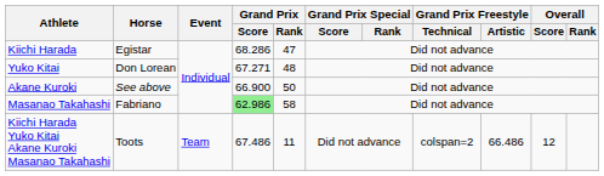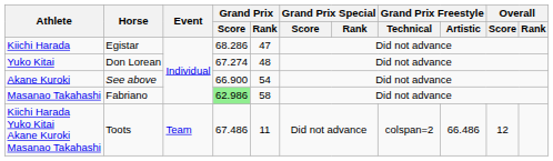 <table class=wikitable style="font-size:90%">
 <tr>
 <th rowspan="2">Athlete</th>
 <th rowspan="2">Horse</th>
 <th rowspan="2">Event</th>
 <th colspan="2">Grand Prix</th>
 <th colspan="2">Grand Prix Special</th>
 <th colspan="2">Grand Prix Freestyle</th>
 <th colspan="2">Overall</th>
 </tr>
 <tr style="font-size:95%">
 <th>Score</th>
 <th>Rank</th>
 <th>Score</th>
 <th>Rank</th>
 <th>Technical</th>
 <th>Artistic</th>
 <th>Score</th>
 <th>Rank</th>
 </tr>
 <tr align=center>
 <td align=left><a href='#'>Kiichi Harada</a></td>
 <td align=left>Egistar</td>
 <td rowspan=4 align=left><a href='#'>Individual</a></td>
 <td>68.286</td>
 <td>47</td>
 <td colspan=6>Did not advance</td>
 </tr>
 <tr align=center>
 <td align=left><a href='#'>Yuko Kitai</a></td>
 <td align=left>Don Lorean</td>
-<td>67.271</td>
+<td>67.274</td>
 <td>48</td>
 <td colspan=6>Did not advance</td>
 </tr>
 <tr align=center>
 <td align=left><a href='#'>Akane Kuroki</a></td>
 <td align=left><em>See above</em></td>
 <td>66.900</td>
-<td>50</td>
+<td>54</td>
 <td colspan=6>Did not advance</td>
 </tr>
 <tr align=center>
 <td align=left><a href='#'>Masanao Takahashi</a></td>
 <td align=left>Fabriano</td>
 <td style="background: lightgreen;">62.986</td>
 <td>58</td>
 <td colspan=6>Did not advance</td>
 </tr>
 <tr align=center>
 <td align=left><a href='#'>Kiichi Harada</a><br><a href='#'>Yuko Kitai</a><br><a href='#'>Akane Kuroki</a><br><a href='#'>Masanao Takahashi</a></td>
 <td align=left>Toots</td>
 <td align=left><a href='#'>Team</a></td>
 <td>67.486</td>
 <td>11</td>
 <td colspan=2>Did not advance</td>
 <td>colspan=2 </td>
 <td>66.486</td>
 <td>12</td>
 </tr>
 </table>
